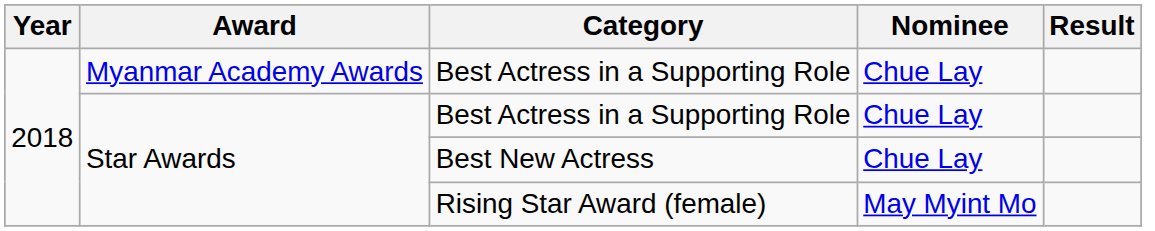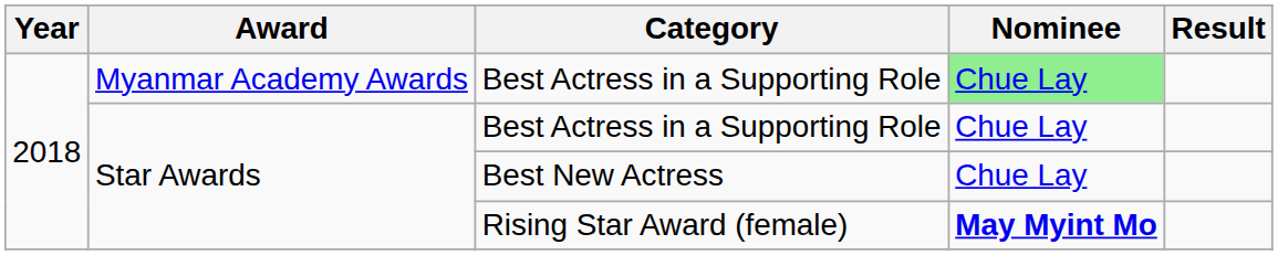 <table class="wikitable">
 <tr>
 <th>Year</th>
 <th>Award</th>
 <th>Category</th>
 <th>Nominee</th>
 <th>Result</th>
 </tr>
 <tr>
 <td scope="row" rowspan="4">2018</td>
 <td><a href='#'>Myanmar Academy Awards</a></td>
 <td>Best Actress in a Supporting Role</td>
-<td><a href='#'>Chue Lay</a></td>
+<td style="background: lightgreen;"><a href='#'>Chue Lay</a></td>
 <td></td>
 </tr>
 <tr>
 <td scope="row" rowspan="4">Star Awards</td>
 <td>Best Actress in a Supporting Role</td>
 <td><a href='#'>Chue Lay</a></td>
 <td></td>
 </tr>
 <tr>
 <td>Best New Actress</td>
 <td><a href='#'>Chue Lay</a></td>
 <td></td>
 </tr>
 <tr>
 <td>Rising Star Award (female)</td>
-<td><a href='#'>May Myint Mo</a></td>
+<td><strong><a href='#'>May Myint Mo</a></strong></td>
 <td></td>
 </tr>
 </table>
